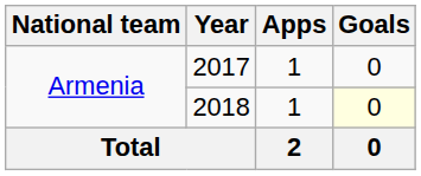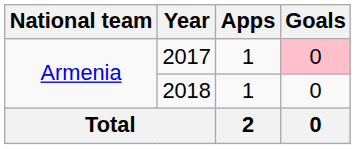 <table class="wikitable" style="text-align:center">
 <tr>
 <th>National team</th>
 <th>Year</th>
 <th>Apps</th>
 <th>Goals</th>
 </tr>
 <tr>
 <td rowspan="2"><a href='#'>Armenia</a></td>
 <td>2017</td>
 <td>1</td>
-<td>0</td>
+<td style="background: pink;">0</td>
 </tr>
 <tr>
 <td>2018</td>
 <td>1</td>
-<td style="background: lightyellow;">0</td>
+<td>0</td>
 </tr>
 <tr>
 <th colspan="2">Total</th>
 <th>2</th>
 <th>0</th>
 </tr>
 </table>
